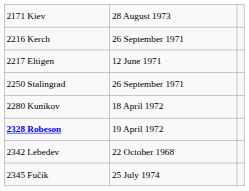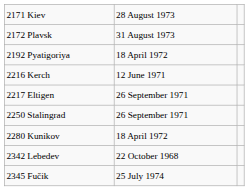 <table class="wikitable" style="font-size: 89%; float: left; width: 26em; margin-right: 1em; height: 280px;">
 <tr>
 <td>2171 Kiev</td>
 <td>28 August 1973</td>
 <td></td>
 </tr>
 <tr>
+<td>2172 Plavsk</td>
+<td>31 August 1973</td>
+<td></td>
+</tr>
+<tr>
+<td>2192 Pyatigoriya</td>
+<td>18 April 1972</td>
+<td></td>
+</tr>
+<tr>
 <td>2216 Kerch</td>
-<td>26 September 1971</td>
+<td>12 June 1971</td>
 <td></td>
 </tr>
 <tr>
 <td>2217 Eltigen</td>
-<td>12 June 1971</td>
+<td>26 September 1971</td>
 <td></td>
 </tr>
 <tr>
 <td>2250 Stalingrad</td>
 <td>26 September 1971</td>
 <td></td>
 </tr>
 <tr>
 <td>2280 Kunikov</td>
 <td>18 April 1972</td>
 <td></td>
 </tr>
 <tr>
-<td><strong><a href='#'>2328 Robeson</a></strong></td>
-<td>19 April 1972</td>
-<td></td>
-</tr>
-<tr>
 <td>2342 Lebedev</td>
 <td>22 October 1968</td>
 <td></td>
 </tr>
 <tr>
 <td>2345 Fučik</td>
 <td>25 July 1974</td>
 <td></td>
 </tr>
 </table>
